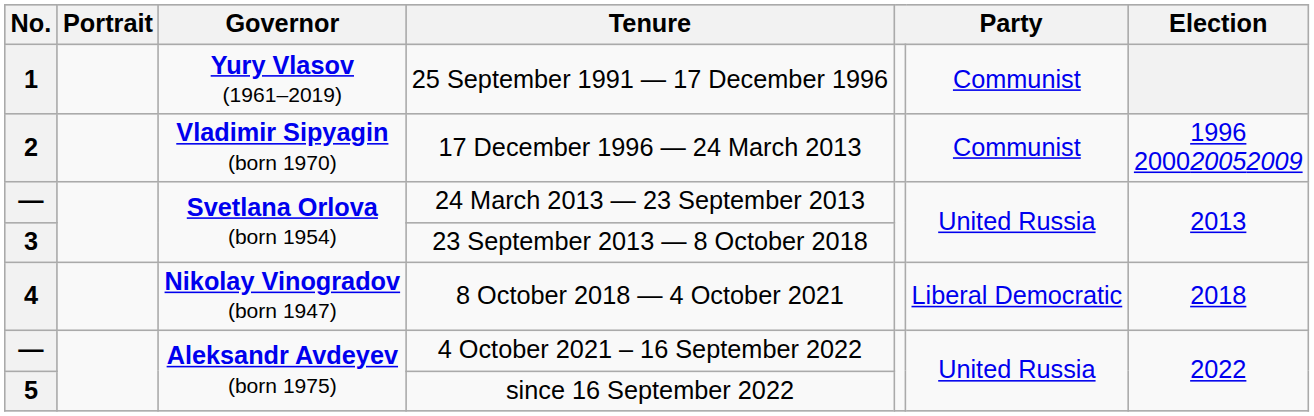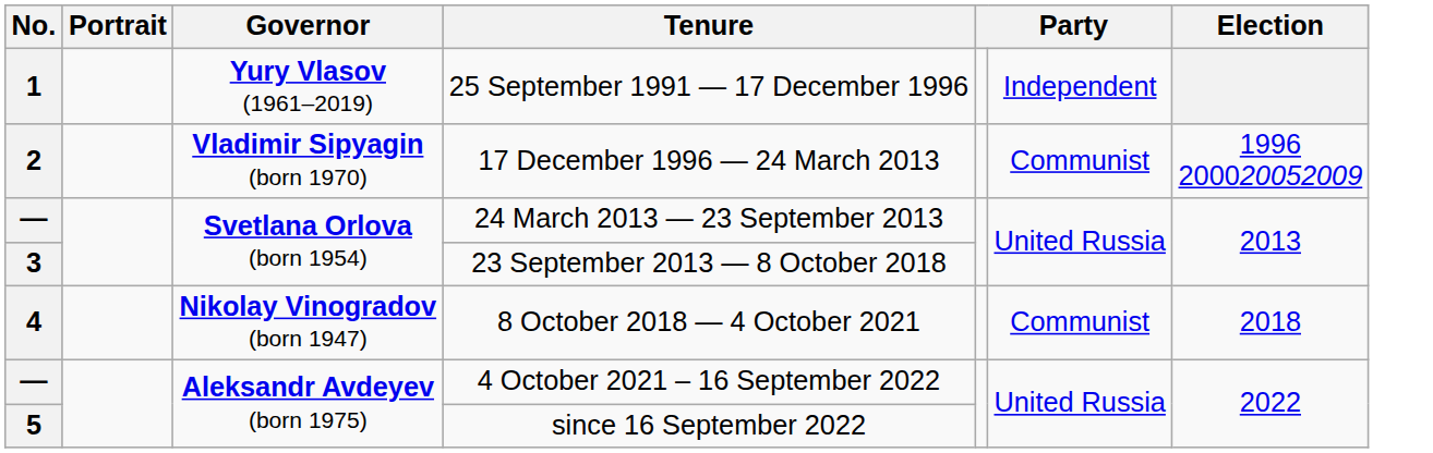 <table class="wikitable" style="text-align:center">
 <tr style="background:#cccccc" bgcolor=#E6E6AA>
 <th>No.</th>
 <th>Portrait</th>
 <th>Governor</th>
 <th>Tenure</th>
 <th colspan=2>Party</th>
 <th>Election</th>
 </tr>
 <tr>
 <th>1</th>
 <td></td>
 <td><strong><a href='#'>Yury Vlasov</a></strong><br><small>(1961–2019)</small></td>
 <td>25 September 1991 — 17 December 1996</td>
 <td style="background: "></td>
-<td><a href='#'>Communist</a></td>
+<td><a href='#'>Independent</a></td>
 <th></th>
 </tr>
 <tr>
 <th>2</th>
 <td></td>
 <td><strong><a href='#'>Vladimir Sipyagin</a></strong><br><small>(born 1970)</small></td>
 <td>17 December 1996 — 24 March 2013</td>
 <td style="background: "></td>
 <td><a href='#'>Communist</a></td>
 <td><a href='#'>1996</a><br><a href='#'>2000</a><em><a href='#'>2005</a></em><em><a href='#'>2009</a></em></td>
 </tr>
 <tr>
 <th>—</th>
 <td rowspan=2></td>
 <td rowspan=2><strong><a href='#'>Svetlana Orlova</a></strong><br><small>(born 1954)</small></td>
 <td>24 March 2013 — 23 September 2013</td>
 <td rowspan=2; style="background: "></td>
 <td rowspan=2><a href='#'>United Russia</a></td>
 <td rowspan=2><a href='#'>2013</a></td>
 </tr>
 <tr>
 <th>3</th>
 <td>23 September 2013 — 8 October 2018</td>
 </tr>
 <tr>
 <th>4</th>
 <td></td>
 <td><strong><a href='#'>Nikolay Vinogradov</a></strong><br><small>(born 1947)</small></td>
 <td>8 October 2018 — 4 October 2021</td>
 <td style="background: "></td>
-<td><a href='#'>Liberal Democratic</a></td>
+<td><a href='#'>Communist</a></td>
 <td><a href='#'>2018</a></td>
 </tr>
 <tr>
 <th>—</th>
 <td rowspan=2></td>
 <td rowspan=2><strong><a href='#'>Aleksandr Avdeyev</a></strong><br><small>(born 1975)</small></td>
 <td>4 October 2021 – 16 September 2022</td>
 <td rowspan=2; style="background: "></td>
 <td rowspan=2><a href='#'>United Russia</a></td>
 <td rowspan=2><a href='#'>2022</a></td>
 </tr>
 <tr>
 <th>5</th>
 <td>since 16 September 2022</td>
 </tr>
 </table>
